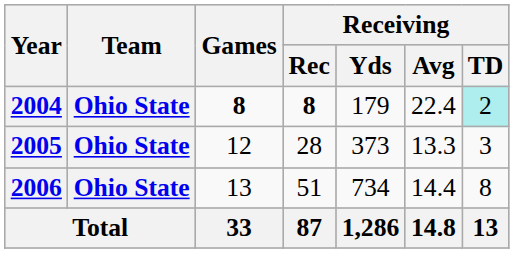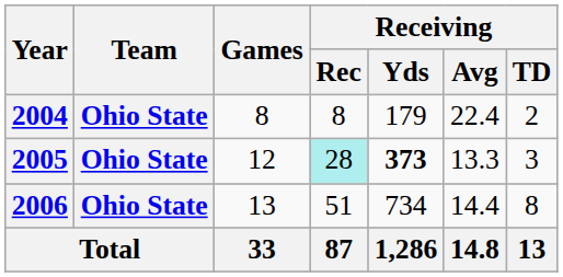 <table class="wikitable" style="text-align:center;">
 <tr>
 <th rowspan="2">Year</th>
 <th rowspan="2">Team</th>
 <th rowspan="2">Games</th>
 <th colspan="4">Receiving</th>
 </tr>
 <tr>
 <th>Rec</th>
 <th>Yds</th>
 <th>Avg</th>
 <th>TD</th>
 </tr>
 <tr>
 <th><a href='#'>2004</a></th>
 <th><a href='#'>Ohio State</a></th>
-<td><strong>8</strong></td>
-<td><strong>8</strong></td>
+<td>8</td>
+<td>8</td>
 <td>179</td>
 <td>22.4</td>
-<td style="background: paleturquoise;">2</td>
+<td>2</td>
 </tr>
 <tr>
 <th><a href='#'>2005</a></th>
 <th><a href='#'>Ohio State</a></th>
 <td>12</td>
-<td>28</td>
-<td>373</td>
+<td style="background: paleturquoise;">28</td>
+<td><strong>373</strong></td>
 <td>13.3</td>
 <td>3</td>
 </tr>
 <tr>
 <th><a href='#'>2006</a></th>
 <th><a href='#'>Ohio State</a></th>
 <td>13</td>
 <td>51</td>
 <td>734</td>
 <td>14.4</td>
 <td>8</td>
 </tr>
 <tr>
 <th colspan="2">Total</th>
 <th>33</th>
 <th>87</th>
 <th>1,286</th>
 <th>14.8</th>
 <th>13</th>
 </tr>
 </table>
